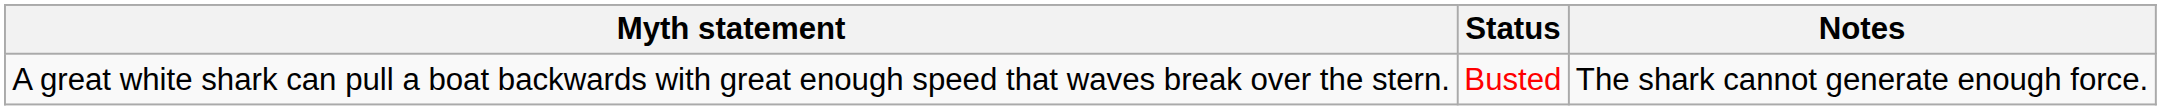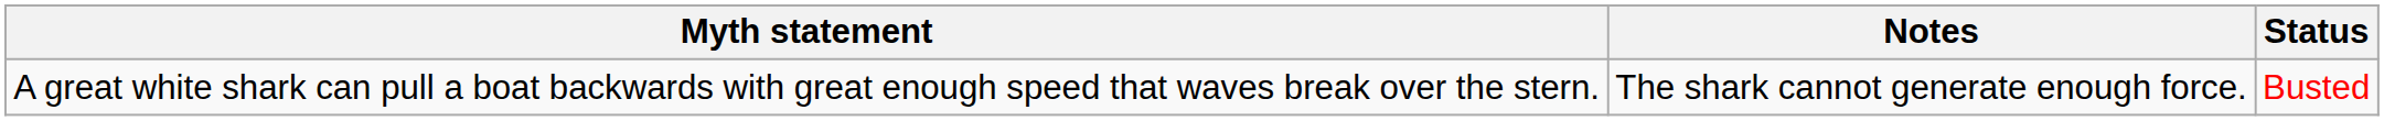 <table class="wikitable plainrowheaders">
 <tr>
 <th>Myth statement</th>
+<th>Notes</th>
 <th>Status</th>
-<th>Notes</th>
 </tr>
 <tr>
 <td>A great white shark can pull a boat backwards with great enough speed that waves break over the stern.</td>
+<td>The shark cannot generate enough force.</td>
 <td style="color:red">Busted</td>
-<td>The shark cannot generate enough force.</td>
 </tr>
 </table>
